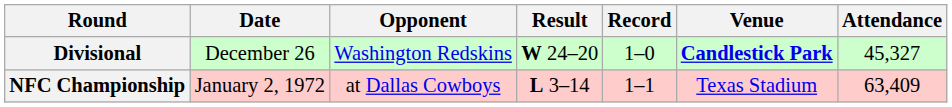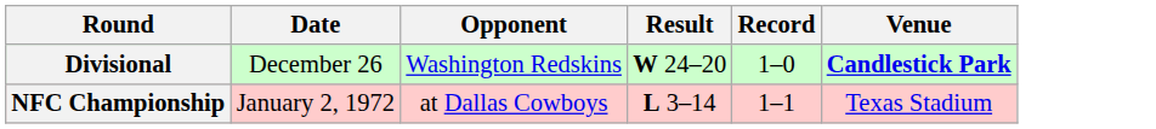 <table class="wikitable" style="text-align:center">
 <tr>
 <th>Round</th>
 <th>Date</th>
 <th>Opponent</th>
 <th>Result</th>
 <th>Record</th>
 <th>Venue</th>
-<th>Attendance</th>
 </tr>
 <tr style="background:#cfc">
 <th>Divisional</th>
 <td>December 26</td>
 <td><a href='#'>Washington Redskins</a></td>
 <td><strong>W</strong> 24–20</td>
 <td>1–0</td>
 <td><strong><a href='#'>Candlestick Park</a></strong></td>
-<td>45,327</td>
 </tr>
 <tr style="background:#fcc">
 <th>NFC Championship</th>
 <td>January 2, 1972</td>
 <td>at <a href='#'>Dallas Cowboys</a></td>
 <td><strong>L</strong> 3–14</td>
 <td>1–1</td>
 <td><a href='#'>Texas Stadium</a></td>
-<td>63,409</td>
 </tr>
 </table>
